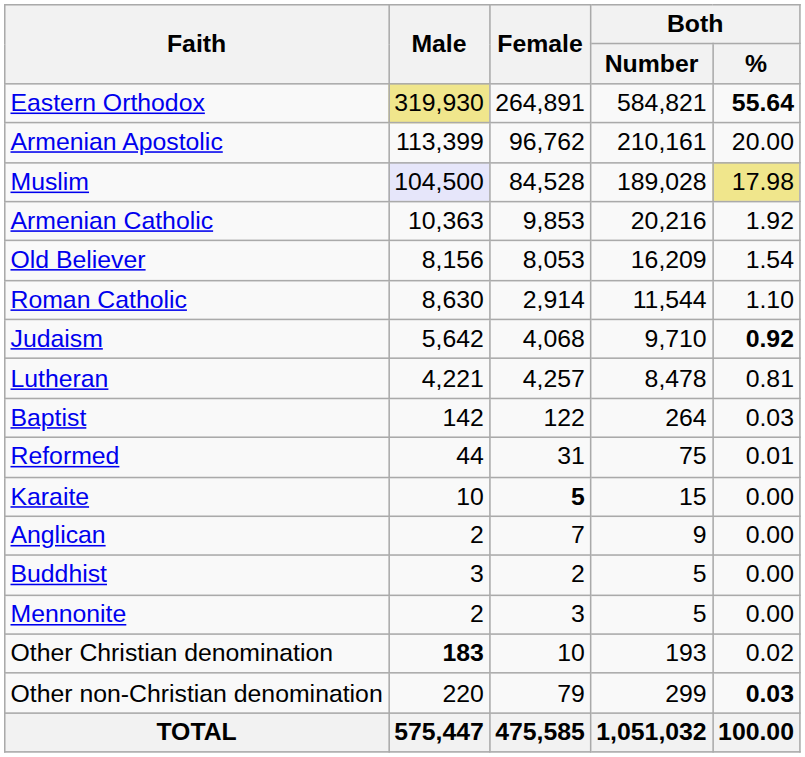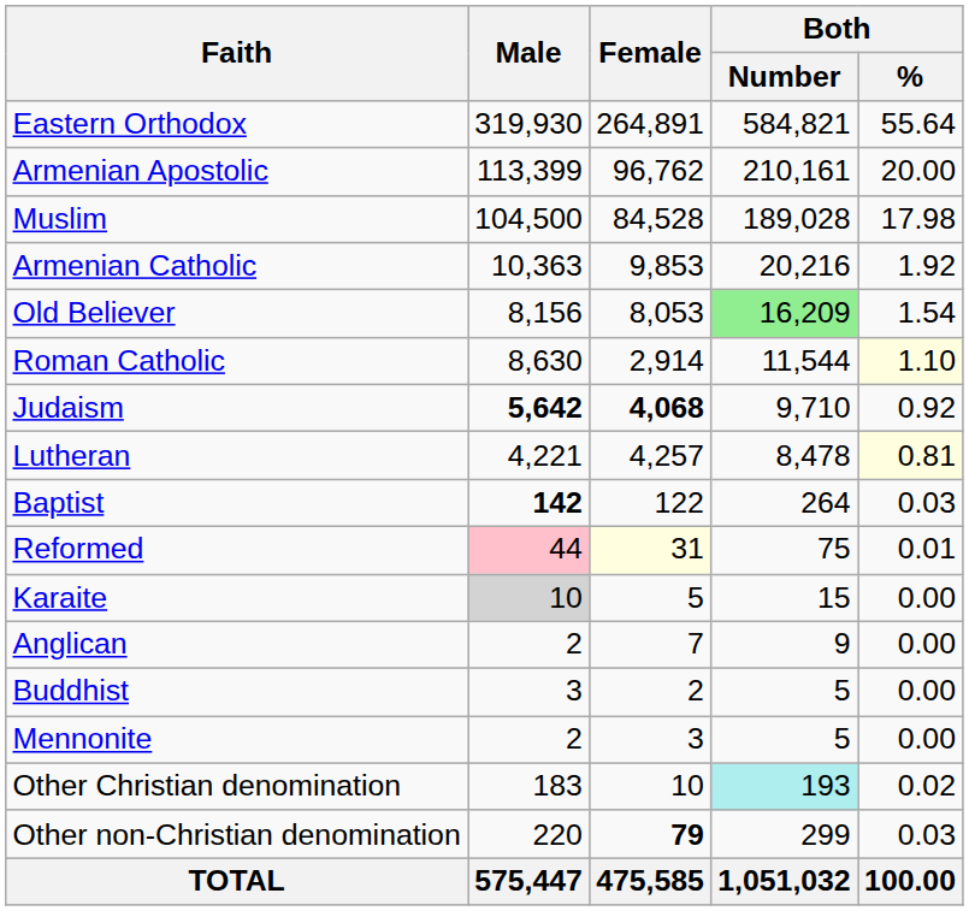 <table class="wikitable sortable">
 <tr>
 <th rowspan="2">Faith</th>
 <th rowspan="2">Male</th>
 <th rowspan="2">Female</th>
 <th colspan="2">Both</th>
 </tr>
 <tr>
 <th>Number</th>
 <th>%</th>
 </tr>
 <tr>
 <td><a href='#'>Eastern Orthodox</a></td>
-<td align="right" style="background: khaki;">319,930</td>
+<td align="right">319,930</td>
 <td align="right">264,891</td>
 <td align="right">584,821</td>
-<td align="right"><strong>55.64</strong></td>
+<td align="right">55.64</td>
 </tr>
 <tr>
 <td><a href='#'>Armenian Apostolic</a></td>
 <td align="right">113,399</td>
 <td align="right">96,762</td>
 <td align="right">210,161</td>
 <td align="right">20.00</td>
 </tr>
 <tr>
 <td><a href='#'>Muslim</a></td>
-<td align="right" style="background: lavender;">104,500</td>
+<td align="right">104,500</td>
 <td align="right">84,528</td>
 <td align="right">189,028</td>
-<td align="right" style="background: khaki;">17.98</td>
+<td align="right">17.98</td>
 </tr>
 <tr>
 <td><a href='#'>Armenian Catholic</a></td>
 <td align="right">10,363</td>
 <td align="right">9,853</td>
 <td align="right">20,216</td>
 <td align="right">1.92</td>
 </tr>
 <tr>
 <td><a href='#'>Old Believer</a></td>
 <td align="right">8,156</td>
 <td align="right">8,053</td>
-<td align="right">16,209</td>
+<td align="right" style="background: lightgreen;">16,209</td>
 <td align="right">1.54</td>
 </tr>
 <tr>
 <td><a href='#'>Roman Catholic</a></td>
 <td align="right">8,630</td>
 <td align="right">2,914</td>
 <td align="right">11,544</td>
-<td align="right">1.10</td>
+<td align="right" style="background: lightyellow;">1.10</td>
 </tr>
 <tr>
 <td><a href='#'>Judaism</a></td>
-<td align="right">5,642</td>
-<td align="right">4,068</td>
+<td align="right"><strong>5,642</strong></td>
+<td align="right"><strong>4,068</strong></td>
 <td align="right">9,710</td>
-<td align="right"><strong>0.92</strong></td>
+<td align="right">0.92</td>
 </tr>
 <tr>
 <td><a href='#'>Lutheran</a></td>
 <td align="right">4,221</td>
 <td align="right">4,257</td>
 <td align="right">8,478</td>
-<td align="right">0.81</td>
+<td align="right" style="background: lightyellow;">0.81</td>
 </tr>
 <tr>
 <td><a href='#'>Baptist</a></td>
-<td align="right">142</td>
+<td align="right"><strong>142</strong></td>
 <td align="right">122</td>
 <td align="right">264</td>
 <td align="right">0.03</td>
 </tr>
 <tr>
 <td><a href='#'>Reformed</a></td>
-<td align="right">44</td>
-<td align="right">31</td>
+<td align="right" style="background: pink;">44</td>
+<td align="right" style="background: lightyellow;">31</td>
 <td align="right">75</td>
 <td align="right">0.01</td>
 </tr>
 <tr>
 <td><a href='#'>Karaite</a></td>
-<td align="right">10</td>
-<td align="right"><strong>5</strong></td>
+<td align="right" style="background: lightgrey;">10</td>
+<td align="right">5</td>
 <td align="right">15</td>
 <td align="right">0.00</td>
 </tr>
 <tr>
 <td><a href='#'>Anglican</a></td>
 <td align="right">2</td>
 <td align="right">7</td>
 <td align="right">9</td>
 <td align="right">0.00</td>
 </tr>
 <tr>
 <td><a href='#'>Buddhist</a></td>
 <td align="right">3</td>
 <td align="right">2</td>
 <td align="right">5</td>
 <td align="right">0.00</td>
 </tr>
 <tr>
 <td><a href='#'>Mennonite</a></td>
 <td align="right">2</td>
 <td align="right">3</td>
 <td align="right">5</td>
 <td align="right">0.00</td>
 </tr>
 <tr>
 <td>Other Christian denomination</td>
-<td align="right"><strong>183</strong></td>
+<td align="right">183</td>
 <td align="right">10</td>
-<td align="right">193</td>
+<td align="right" style="background: paleturquoise;">193</td>
 <td align="right">0.02</td>
 </tr>
 <tr>
 <td>Other non-Christian denomination</td>
 <td align="right">220</td>
-<td align="right">79</td>
+<td align="right"><strong>79</strong></td>
 <td align="right">299</td>
-<td align="right"><strong>0.03</strong></td>
+<td align="right">0.03</td>
 </tr>
 <tr>
 <th>TOTAL</th>
 <th>575,447</th>
 <th>475,585</th>
 <th>1,051,032</th>
 <th>100.00</th>
 </tr>
 </table>
